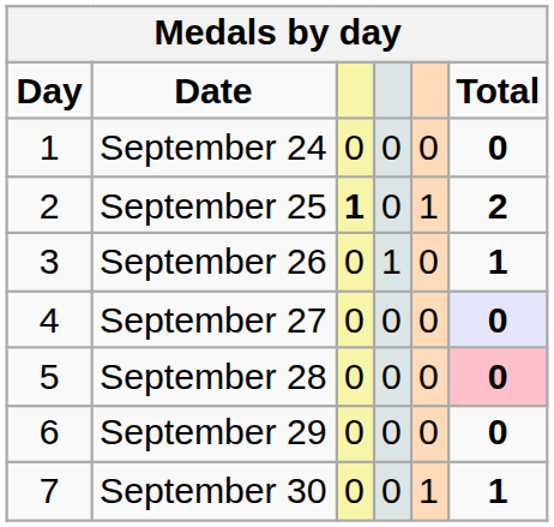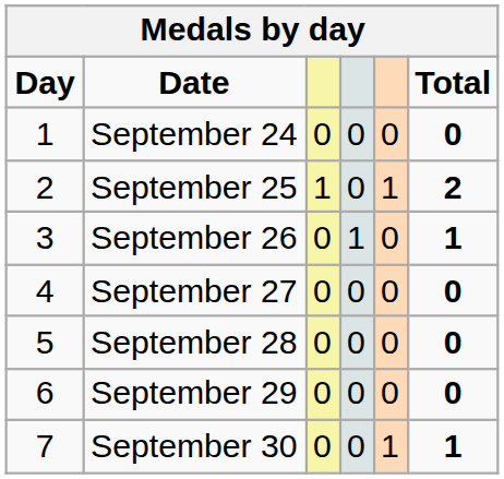 <table class=wikitable style="font-size:85%; text-align:center;float:right;clear:right;margin-left:1em;">
 <tr>
 <th colspan=7>Medals by day</th>
 </tr>
 <tr>
 <td><strong>Day</strong></td>
 <td><strong>Date</strong></td>
 <td bgcolor=F7F6A8></td>
 <td bgcolor=DCE5E5></td>
 <td bgcolor=FFDAB9></td>
 <td><strong>Total</strong></td>
 </tr>
 <tr>
 <td>1</td>
 <td>September 24</td>
 <td bgcolor=F7F6A8>0</td>
 <td bgcolor=DCE5E5>0</td>
 <td bgcolor=FFDAB9>0</td>
 <td><strong>0</strong></td>
 </tr>
 <tr>
 <td>2</td>
 <td>September 25</td>
-<td bgcolor=F7F6A8><strong>1</strong></td>
+<td bgcolor=F7F6A8>1</td>
 <td bgcolor=DCE5E5>0</td>
 <td bgcolor=FFDAB9>1</td>
 <td><strong>2</strong></td>
 </tr>
 <tr>
 <td>3</td>
 <td>September 26</td>
 <td bgcolor=F7F6A8>0</td>
 <td bgcolor=DCE5E5>1</td>
 <td bgcolor=FFDAB9>0</td>
 <td><strong>1</strong></td>
 </tr>
 <tr>
 <td>4</td>
 <td>September 27</td>
 <td bgcolor=F7F6A8>0</td>
 <td bgcolor=DCE5E5>0</td>
 <td bgcolor=FFDAB9>0</td>
-<td style="background: lavender;"><strong>0</strong></td>
+<td><strong>0</strong></td>
 </tr>
 <tr>
 <td>5</td>
 <td>September 28</td>
 <td bgcolor=F7F6A8>0</td>
 <td bgcolor=DCE5E5>0</td>
 <td bgcolor=FFDAB9>0</td>
-<td style="background: pink;"><strong>0</strong></td>
+<td><strong>0</strong></td>
 </tr>
 <tr>
 <td>6</td>
 <td>September 29</td>
 <td bgcolor=F7F6A8>0</td>
 <td bgcolor=DCE5E5>0</td>
 <td bgcolor=FFDAB9>0</td>
 <td><strong>0</strong></td>
 </tr>
 <tr>
 <td>7</td>
 <td>September 30</td>
 <td bgcolor=F7F6A8>0</td>
 <td bgcolor=DCE5E5>0</td>
 <td bgcolor=FFDAB9>1</td>
 <td><strong>1</strong></td>
 </tr>
 </table>
